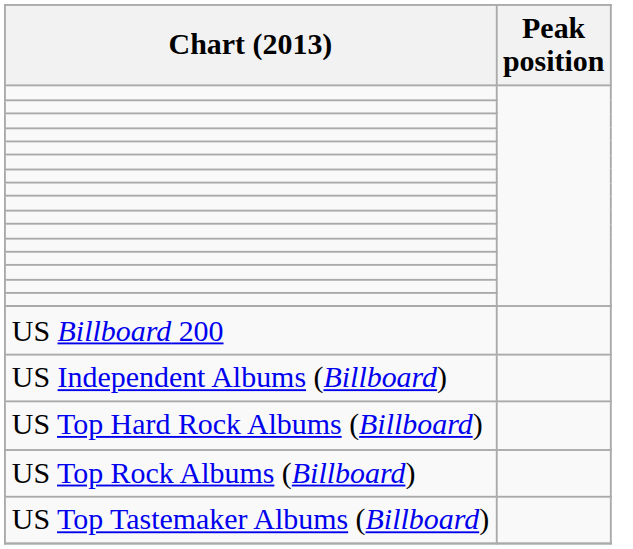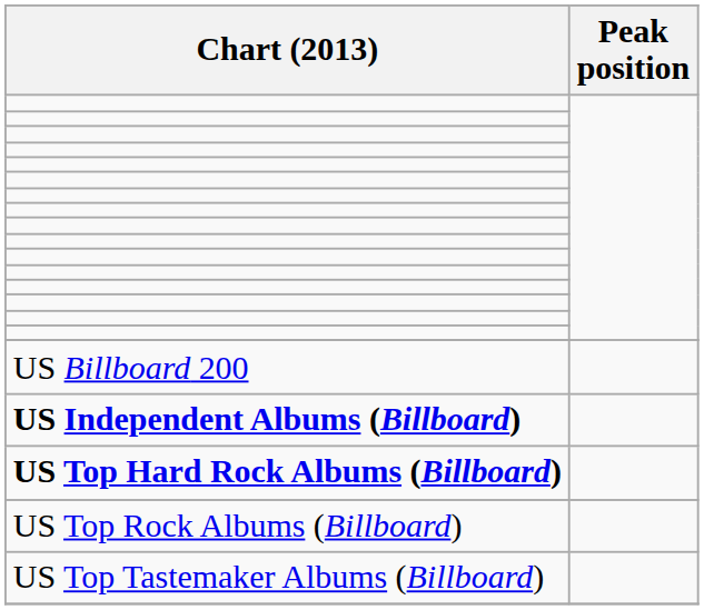 <table class="wikitable sortable">
 <tr>
 <th>Chart (2013)</th>
 <th>Peak<br>position</th>
 </tr>
 <tr>
 <td></td>
 </tr>
 <tr>
 <td></td>
 </tr>
 <tr>
 <td></td>
 </tr>
 <tr>
 <td></td>
 </tr>
 <tr>
 <td></td>
 </tr>
 <tr>
 <td></td>
 </tr>
 <tr>
 <td></td>
 </tr>
 <tr>
 <td></td>
 </tr>
 <tr>
 <td></td>
 </tr>
 <tr>
 <td></td>
 </tr>
 <tr>
 <td></td>
 </tr>
 <tr>
 <td></td>
 </tr>
 <tr>
 <td></td>
 </tr>
 <tr>
 <td></td>
 </tr>
 <tr>
 <td></td>
 </tr>
 <tr>
 <td></td>
 </tr>
 <tr>
 </tr>
 <tr>
 <td>US <a href='#'><em>Billboard</em> 200</a></td>
 <td></td>
 </tr>
 <tr>
-<td>US <a href='#'>Independent Albums</a> (<a href='#'><em>Billboard</em></a>)</td>
+<td><strong>US <a href='#'>Independent Albums</a> (<a href='#'><em>Billboard</em></a>)</strong></td>
 <td></td>
 </tr>
 <tr>
-<td>US <a href='#'>Top Hard Rock Albums</a> (<a href='#'><em>Billboard</em></a>)</td>
+<td><strong>US <a href='#'>Top Hard Rock Albums</a> (<a href='#'><em>Billboard</em></a>)</strong></td>
 <td></td>
 </tr>
 <tr>
 <td>US <a href='#'>Top Rock Albums</a> (<a href='#'><em>Billboard</em></a>)</td>
 <td></td>
 </tr>
 <tr>
 <td>US <a href='#'>Top Tastemaker Albums</a> (<a href='#'><em>Billboard</em></a>)</td>
 <td></td>
 </tr>
 <tr>
 </tr>
 </table>
